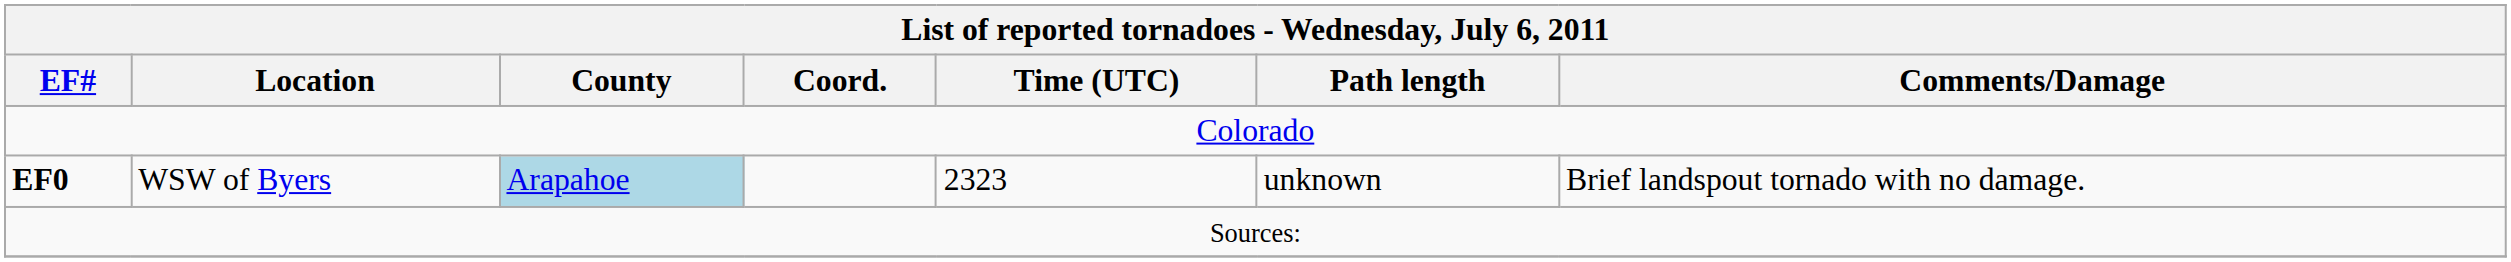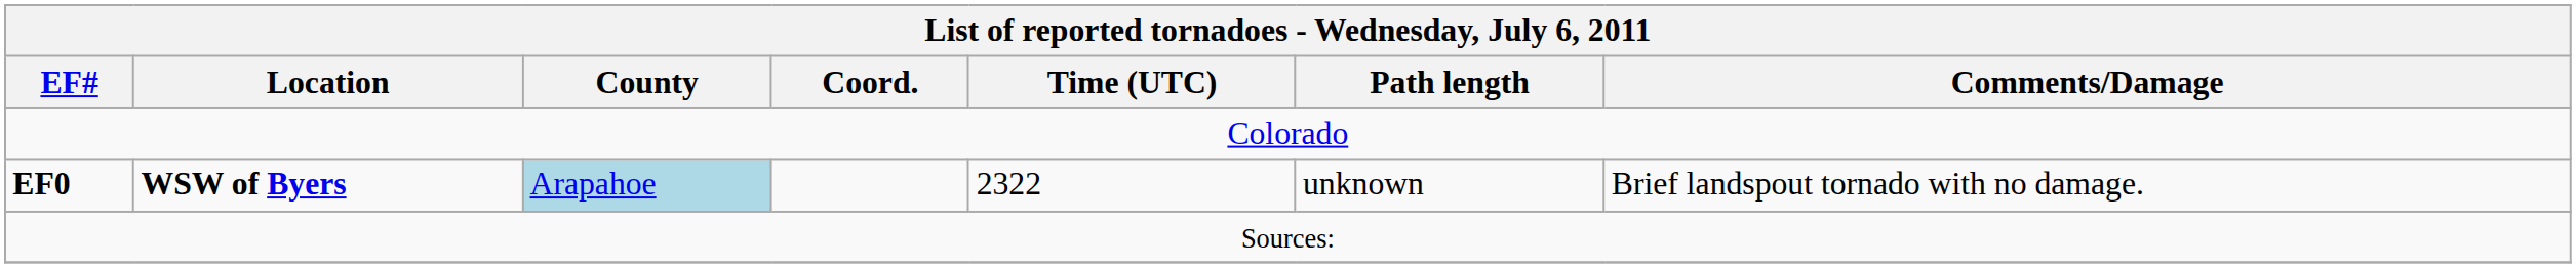 <table class="wikitable collapsible" width="100%">
 <tr>
 <th colspan="7">List of reported tornadoes - Wednesday, July 6, 2011</th>
 </tr>
 <tr>
 <th><a href='#'>EF#</a></th>
 <th>Location</th>
 <th>County</th>
 <th>Coord.</th>
 <th>Time (UTC)</th>
 <th>Path length</th>
 <th>Comments/Damage</th>
 </tr>
 <tr>
 <td colspan="7" align=center><a href='#'>Colorado</a></td>
 </tr>
 <tr>
 <td><strong>EF0</strong></td>
-<td>WSW of <a href='#'>Byers</a></td>
+<td><strong>WSW of <a href='#'>Byers</a></strong></td>
 <td style="background: lightblue;"><a href='#'>Arapahoe</a></td>
 <td></td>
-<td>2323</td>
+<td>2322</td>
 <td>unknown</td>
 <td>Brief landspout tornado with no damage.</td>
 </tr>
 <tr>
 <td colspan="7" align=center><small>Sources: </small></td>
 </tr>
 <tr>
 </tr>
 </table>
